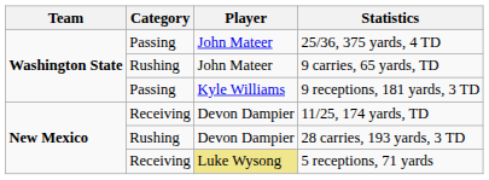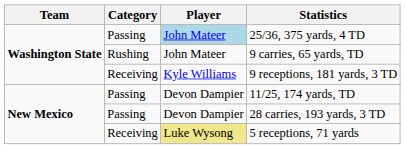 <table class="wikitable" style="float: right;">
 <tr>
 <th>Team</th>
 <th>Category</th>
 <th>Player</th>
 <th>Statistics</th>
 </tr>
 <tr>
 <td rowspan=3><strong>Washington State</strong></td>
 <td>Passing</td>
-<td><a href='#'>John Mateer</a></td>
+<td style="background: lightblue;"><a href='#'>John Mateer</a></td>
 <td>25/36, 375 yards, 4 TD</td>
 </tr>
 <tr>
 <td>Rushing</td>
 <td>John Mateer</td>
 <td>9 carries, 65 yards, TD</td>
 </tr>
 <tr>
-<td>Passing</td>
+<td>Receiving</td>
 <td><a href='#'>Kyle Williams</a></td>
 <td>9 receptions, 181 yards, 3 TD</td>
 </tr>
 <tr>
 <td rowspan=3><strong>New Mexico</strong></td>
-<td>Receiving</td>
+<td>Passing</td>
 <td>Devon Dampier</td>
 <td>11/25, 174 yards, TD</td>
 </tr>
 <tr>
-<td>Rushing</td>
+<td>Passing</td>
 <td>Devon Dampier</td>
 <td>28 carries, 193 yards, 3 TD</td>
 </tr>
 <tr>
 <td>Receiving</td>
 <td style="background: khaki;">Luke Wysong</td>
 <td>5 receptions, 71 yards</td>
 </tr>
 </table>
